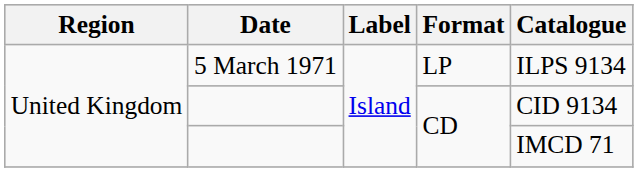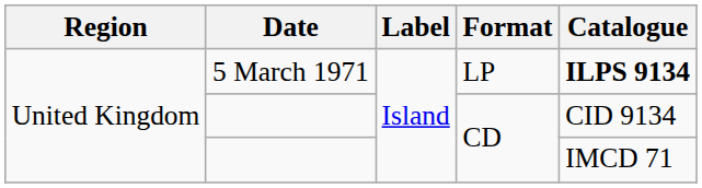 <table class="wikitable">
 <tr>
 <th>Region</th>
 <th>Date</th>
 <th>Label</th>
 <th>Format</th>
 <th>Catalogue</th>
 </tr>
 <tr>
 <td rowspan=3>United Kingdom</td>
 <td>5 March 1971</td>
 <td rowspan=3><a href='#'>Island</a></td>
 <td>LP</td>
-<td>ILPS 9134</td>
+<td><strong>ILPS 9134</strong></td>
 </tr>
 <tr>
 <td></td>
 <td rowspan=2>CD</td>
 <td>CID 9134</td>
 </tr>
 <tr>
 <td></td>
 <td>IMCD 71</td>
 </tr>
 </table>
